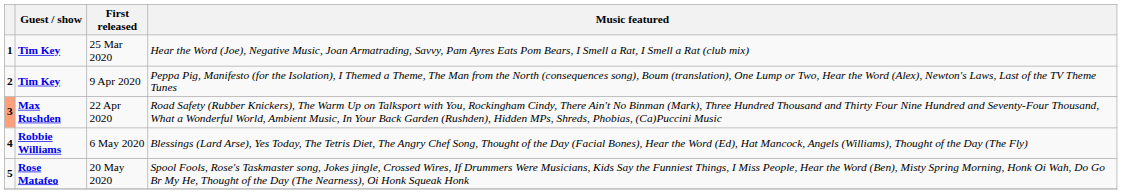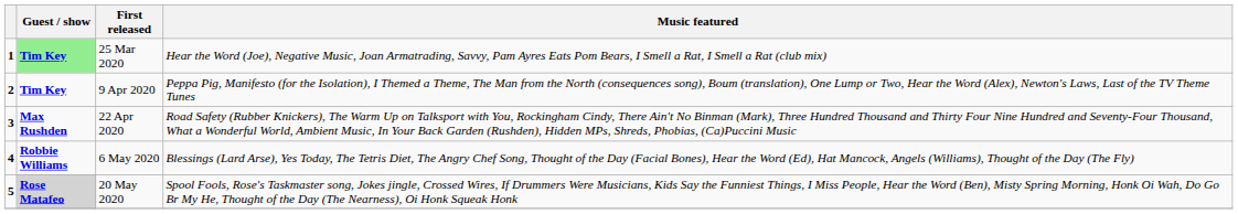 <table class="wikitable">
 <tr>
 <th></th>
 <th>Guest / show</th>
 <th>First released</th>
 <th>Music featured</th>
 </tr>
 <tr>
 <td><strong>1</strong></td>
-<td><strong><a href='#'>Tim Key</a></strong></td>
+<td style="background: lightgreen;"><strong><a href='#'>Tim Key</a></strong></td>
 <td>25 Mar 2020</td>
 <td><em>Hear the Word (Joe), Negative Music, Joan Armatrading, Savvy, Pam Ayres Eats Pom Bears, I Smell a Rat, I Smell a Rat (club mix)</em></td>
 </tr>
 <tr>
 <td><strong>2</strong></td>
 <td><strong><a href='#'>Tim Key</a></strong></td>
 <td>9 Apr 2020</td>
 <td><em>Peppa Pig, Manifesto (for the Isolation), I Themed a Theme, The Man from the North (consequences song), Boum (translation), One Lump or Two, Hear the Word (Alex), Newton's Laws, Last of the TV Theme Tunes</em></td>
 </tr>
 <tr>
-<td style="background: lightsalmon;"><strong>3</strong></td>
+<td><strong>3</strong></td>
 <td><strong><a href='#'>Max Rushden</a></strong></td>
 <td>22 Apr 2020</td>
 <td><em>Road Safety (Rubber Knickers), The Warm Up on Talksport with You, Rockingham Cindy, There Ain't No Binman (Mark), Three Hundred Thousand and Thirty Four Nine Hundred and Seventy-Four Thousand, What a Wonderful World, Ambient Music, In Your Back Garden (Rushden), Hidden MPs, Shreds, Phobias, (Ca)Puccini Music</em></td>
 </tr>
 <tr>
 <td><strong>4</strong></td>
 <td><strong><a href='#'>Robbie Williams</a></strong></td>
 <td>6 May 2020</td>
 <td><em>Blessings (Lard Arse), Yes Today, The Tetris Diet, The Angry Chef Song, Thought of the Day (Facial Bones), Hear the Word (Ed), Hat Mancock, Angels (Williams), Thought of the Day (The Fly)</em></td>
 </tr>
 <tr>
 <td><strong>5</strong></td>
-<td><strong><a href='#'>Rose Matafeo</a></strong></td>
+<td style="background: lightgrey;"><strong><a href='#'>Rose Matafeo</a></strong></td>
 <td>20 May 2020</td>
 <td><em>Spool Fools, Rose's Taskmaster song, Jokes jingle, Crossed Wires, If Drummers Were Musicians, Kids Say the Funniest Things, I Miss People, Hear the Word (Ben), Misty Spring Morning, Honk Oi Wah, Do Go Br My He, Thought of the Day (The Nearness), Oi Honk Squeak Honk</em></td>
 </tr>
 <tr>
 </tr>
 </table>
